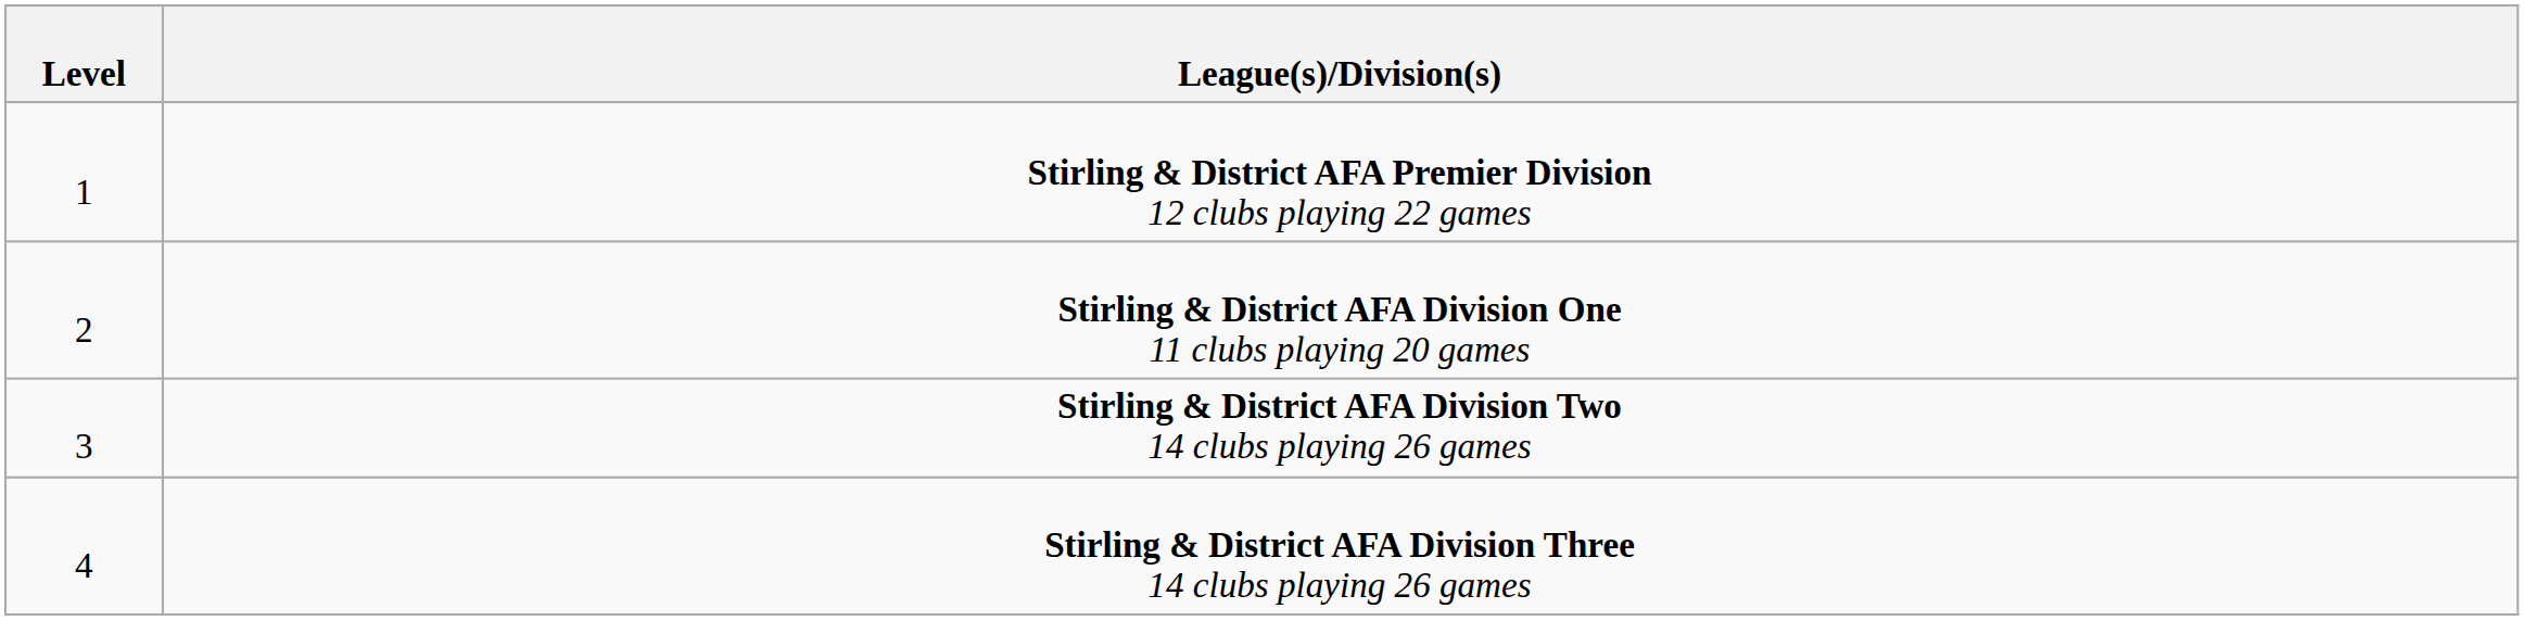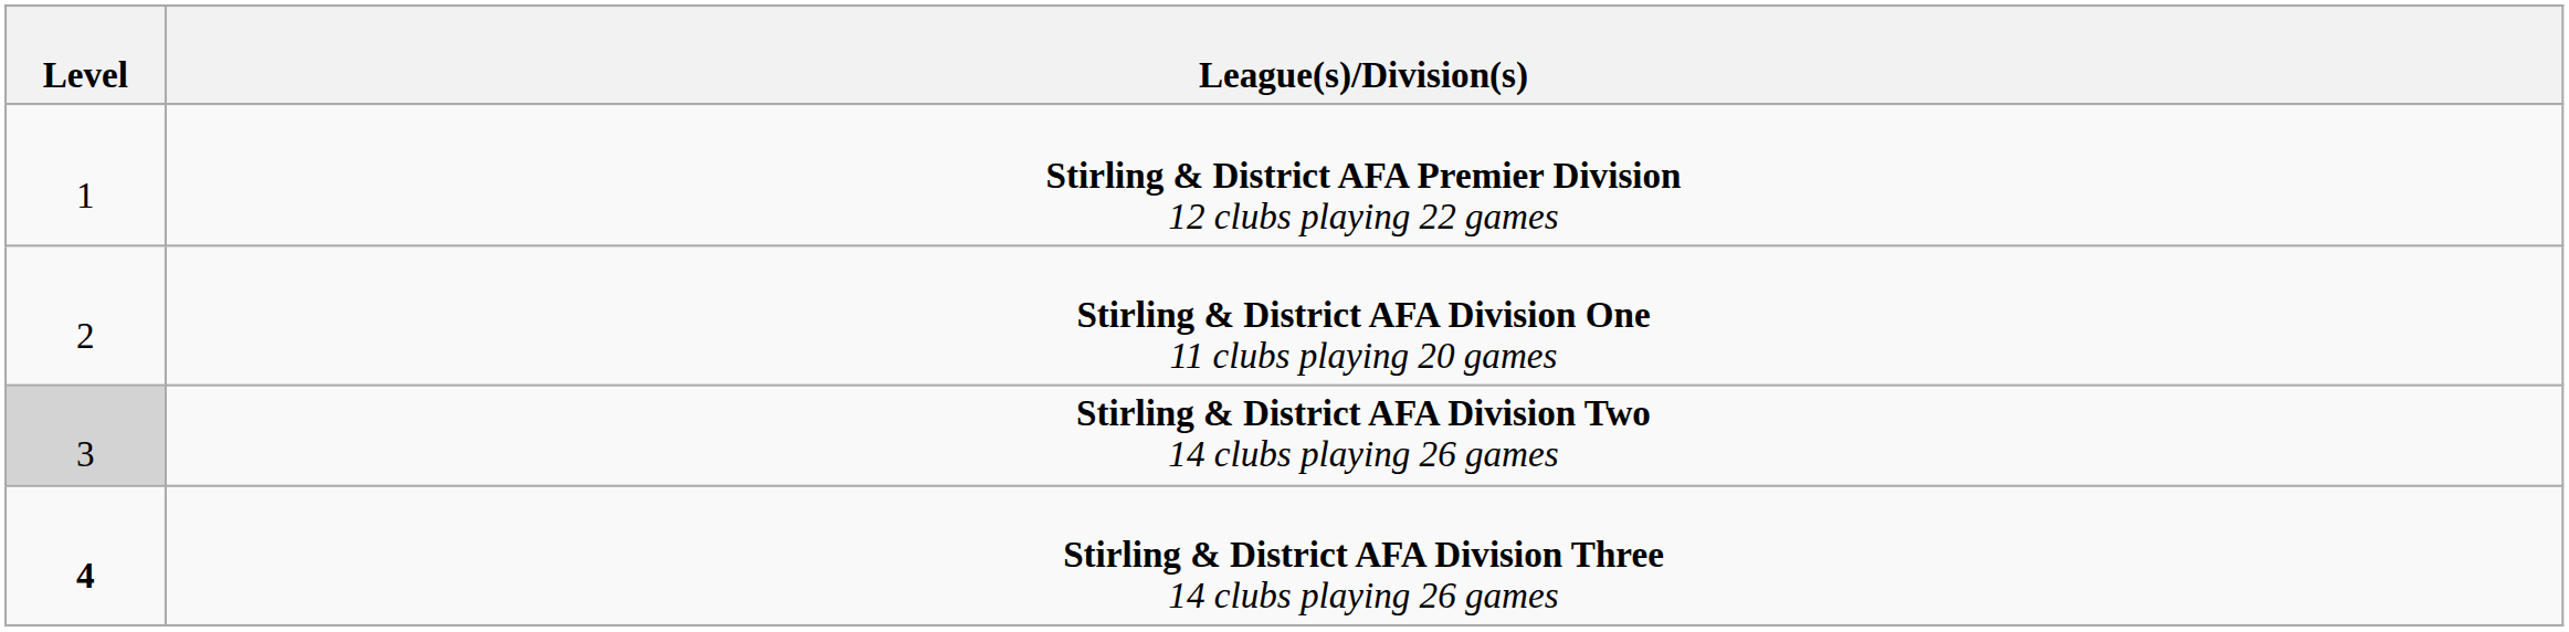 <table class="wikitable" style="text-align: center;">
 <tr>
 <th colspan="1" width="4%"><br>Level</th>
 <th colspan="6" width="60%"><br>League(s)/Division(s)</th>
 </tr>
 <tr>
 <td colspan="1" width="4%"><br>1</td>
 <td colspan="6" width="60%"><br><strong>Stirling & District AFA Premier Division</strong><br> <em>12 clubs playing 22 games</em></td>
 </tr>
 <tr>
 <td colspan="1" width="4%"><br>2</td>
 <td colspan="6" width="60%"><br><strong>Stirling & District AFA Division One</strong><br><em>11 clubs playing 20 games</em></td>
 </tr>
 <tr>
-<td colspan="1" width="4%"><br>3</td>
+<td colspan="1" width="4%" style="background: lightgrey;"><br>3</td>
 <td colspan="5" width="60%"><strong>Stirling & District AFA Division Two</strong><br><em>14 clubs playing 26 games</em></td>
 </tr>
 <tr>
-<td colspan="1" width="4%"><br>4</td>
+<td colspan="1" width="4%"><strong><br>4</strong></td>
 <td colspan="6" width="60%"><br><strong>Stirling & District AFA Division Three</strong><br><em>14 clubs playing 26 games</em></td>
 </tr>
 </table>
